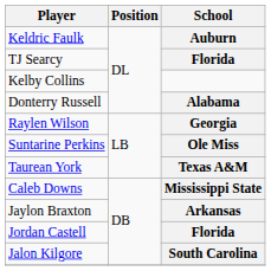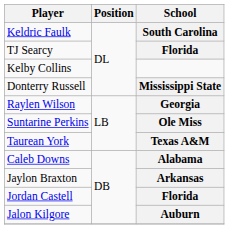 <table class="wikitable" border="0">
 <tr>
 <th>Player</th>
 <th>Position</th>
 <th>School</th>
 </tr>
 <tr>
 <td><a href='#'>Keldric Faulk</a></td>
 <td rowspan=4>DL</td>
-<th>Auburn</th>
+<th>South Carolina</th>
 </tr>
 <tr>
 <td>TJ Searcy</td>
 <th>Florida</th>
 </tr>
 <tr>
 <td>Kelby Collins</td>
 </tr>
 <tr>
 <td>Donterry Russell</td>
-<th>Alabama</th>
+<th>Mississippi State</th>
 </tr>
 <tr>
 <td><a href='#'>Raylen Wilson</a></td>
 <td rowspan=3>LB</td>
 <th>Georgia</th>
 </tr>
 <tr>
 <td><a href='#'>Suntarine Perkins</a></td>
 <th>Ole Miss</th>
 </tr>
 <tr>
 <td><a href='#'>Taurean York</a></td>
 <th>Texas A&M</th>
 </tr>
 <tr>
 <td><a href='#'>Caleb Downs</a></td>
 <td rowspan=4>DB</td>
-<th>Mississippi State</th>
+<th>Alabama</th>
 </tr>
 <tr>
 <td>Jaylon Braxton</td>
 <th>Arkansas</th>
 </tr>
 <tr>
 <td><a href='#'>Jordan Castell</a></td>
 <th>Florida</th>
 </tr>
 <tr>
 <td><a href='#'>Jalon Kilgore</a></td>
-<th>South Carolina</th>
+<th>Auburn</th>
 </tr>
 <tr>
 </tr>
 </table>
